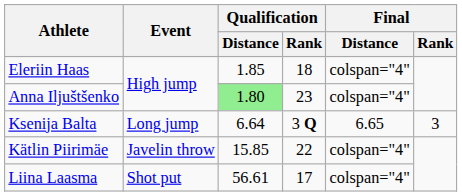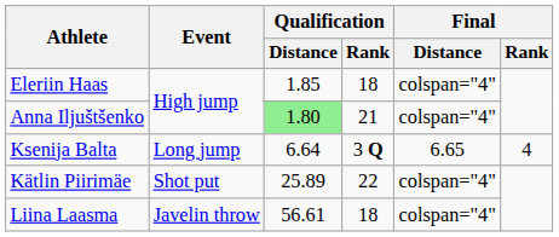 <table class="wikitable" style="font-size:90%">
 <tr>
 <th rowspan=2>Athlete</th>
 <th rowspan=2>Event</th>
 <th colspan=2>Qualification</th>
 <th colspan=2>Final</th>
 </tr>
 <tr style="font-size:95%">
 <th>Distance</th>
 <th>Rank</th>
 <th>Distance</th>
 <th>Rank</th>
 </tr>
 <tr align=center>
 <td align=left><a href='#'>Eleriin Haas</a></td>
 <td style="text-align:left;" rowspan=2><a href='#'>High jump</a></td>
 <td>1.85</td>
 <td>18</td>
 <td>colspan="4" </td>
 </tr>
 <tr align=center>
 <td align=left><a href='#'>Anna Iljuštšenko</a></td>
 <td style="background: lightgreen;">1.80</td>
-<td>23</td>
+<td>21</td>
 <td>colspan="4" </td>
 </tr>
 <tr align=center>
 <td align=left><a href='#'>Ksenija Balta</a></td>
 <td style="text-align:left;"><a href='#'>Long jump</a></td>
 <td>6.64 <strong></strong></td>
 <td>3 <strong>Q</strong></td>
 <td>6.65 <strong></strong></td>
-<td>3</td>
+<td>4</td>
 </tr>
 <tr align="center">
 <td align=left><a href='#'>Kätlin Piirimäe</a></td>
-<td style="text-align:left;"><a href='#'>Javelin throw</a></td>
-<td>15.85</td>
+<td style="text-align:left;"><a href='#'>Shot put</a></td>
+<td>25.89</td>
 <td>22</td>
 <td>colspan="4" </td>
 </tr>
 <tr align="center">
 <td align=left><a href='#'>Liina Laasma</a></td>
-<td style="text-align:left;"><a href='#'>Shot put</a></td>
+<td style="text-align:left;"><a href='#'>Javelin throw</a></td>
 <td>56.61</td>
-<td>17</td>
+<td>18</td>
 <td>colspan="4" </td>
 </tr>
 </table>
